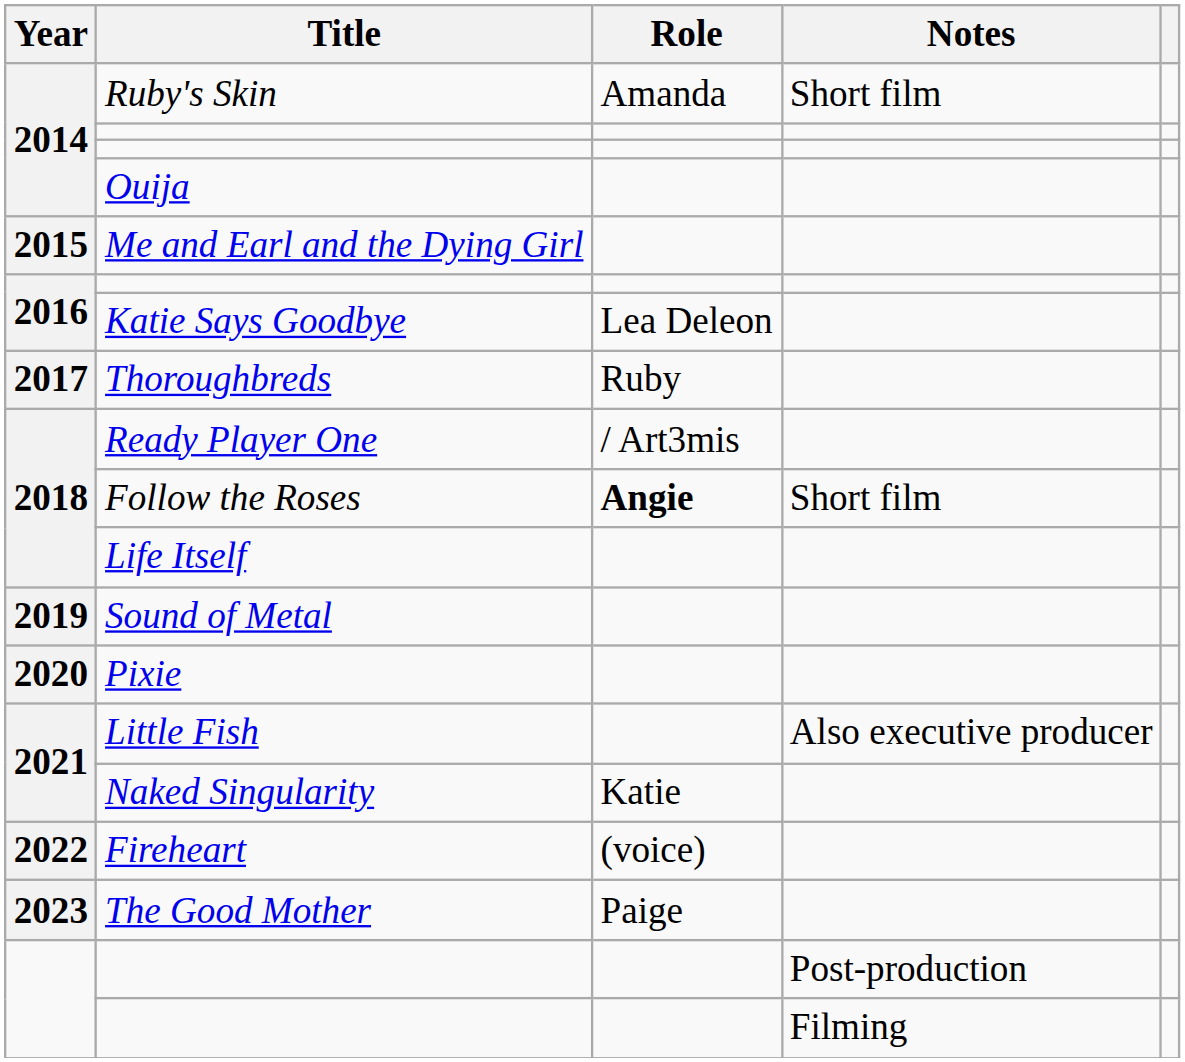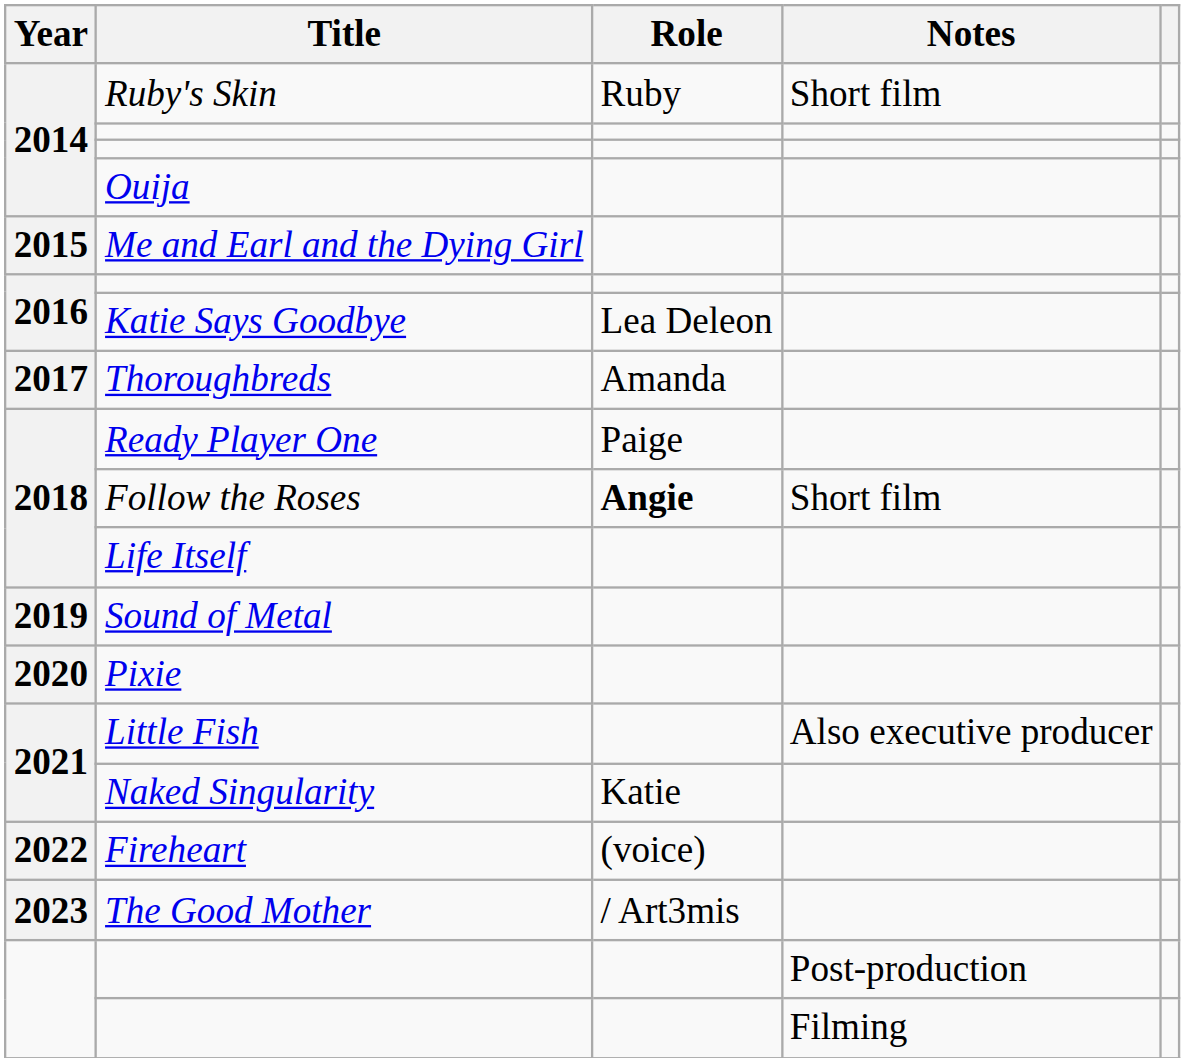 <table class="wikitable plainrowheaders sortable">
 <tr>
 <th scope="col">Year</th>
 <th scope="col">Title</th>
 <th scope="col">Role</th>
 <th class="unsortable">Notes</th>
 <th class="unsortable"></th>
 </tr>
 <tr>
 <th scope="row" rowspan="4">2014</th>
 <td><em>Ruby's Skin</em></td>
-<td>Amanda</td>
+<td>Ruby</td>
 <td>Short film</td>
 <td style="text-align:center;"></td>
 </tr>
 <tr>
 <td><em></em></td>
 <td></td>
 <td></td>
 <td style="text-align:center;"></td>
 </tr>
 <tr>
 <td><em></em></td>
 <td></td>
 <td></td>
 <td style="text-align:center;"></td>
 </tr>
 <tr>
 <td><em><a href='#'>Ouija</a></em></td>
 <td></td>
 <td></td>
 <td style="text-align:center;"></td>
 </tr>
 <tr>
 <th scope="row">2015</th>
 <td><em><a href='#'>Me and Earl and the Dying Girl</a></em></td>
 <td></td>
 <td></td>
 <td style="text-align:center;"></td>
 </tr>
 <tr>
 <th scope="row" rowspan="2">2016</th>
 <td><em></em></td>
 <td></td>
 <td></td>
 <td style="text-align:center;"></td>
 </tr>
 <tr>
 <td><em><a href='#'>Katie Says Goodbye</a></em></td>
 <td>Lea Deleon</td>
 <td></td>
 <td style="text-align:center;"></td>
 </tr>
 <tr>
 <th scope="row">2017</th>
 <td><em><a href='#'>Thoroughbreds</a></em></td>
-<td>Ruby</td>
+<td>Amanda</td>
 <td></td>
 <td style="text-align:center;"></td>
 </tr>
 <tr>
 <th scope="row" rowspan="3">2018</th>
 <td><em><a href='#'>Ready Player One</a></em></td>
-<td> / Art3mis</td>
+<td>Paige</td>
 <td></td>
 <td style="text-align:center;"></td>
 </tr>
 <tr>
 <td><em>Follow the Roses</em></td>
 <td><strong>Angie</strong></td>
 <td>Short film</td>
 <td style="text-align:center;"></td>
 </tr>
 <tr>
 <td><em><a href='#'>Life Itself</a></em></td>
 <td></td>
 <td></td>
 <td style="text-align:center;"></td>
 </tr>
 <tr>
 <th scope="row">2019</th>
 <td><em><a href='#'>Sound of Metal</a></em></td>
 <td></td>
 <td></td>
 <td style="text-align:center;"></td>
 </tr>
 <tr>
 <th scope="row">2020</th>
 <td><em><a href='#'>Pixie</a></em></td>
 <td></td>
 <td></td>
 <td style="text-align:center;"></td>
 </tr>
 <tr>
 <th scope="row" rowspan="2">2021</th>
 <td><em><a href='#'>Little Fish</a></em></td>
 <td></td>
 <td>Also executive producer</td>
 <td style="text-align:center;"></td>
 </tr>
 <tr>
 <td><em><a href='#'>Naked Singularity</a></em></td>
 <td>Katie</td>
 <td></td>
 <td style="text-align:center;"></td>
 </tr>
 <tr>
 <th scope="row">2022</th>
 <td><em><a href='#'>Fireheart</a></em></td>
 <td> (voice)</td>
 <td></td>
 <td style="text-align:center;"></td>
 </tr>
 <tr>
 <th scope="row">2023</th>
 <td><em><a href='#'>The Good Mother</a></em></td>
-<td>Paige</td>
+<td> / Art3mis</td>
 <td></td>
 <td style="text-align:center;"></td>
 </tr>
 <tr>
 <td rowspan="2"></td>
 <td></td>
 <td></td>
 <td>Post-production</td>
 <td style="text-align:center;"></td>
 </tr>
 <tr>
 <td></td>
 <td></td>
 <td>Filming</td>
 <td style="text-align:center;"></td>
 </tr>
 <tr>
 </tr>
 </table>
